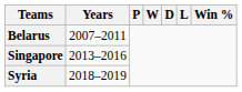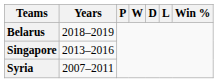 <table class="wikitable sortable plainrowheaders" style="text-align:center;">
 <tr>
 <th scope="col">Teams</th>
 <th scope="col">Years</th>
 <th scope="col">P</th>
 <th scope="col">W</th>
 <th scope="col">D</th>
 <th scope="col">L</th>
 <th scope="col">Win %</th>
 </tr>
 <tr>
 <th scope="row" style="text-align: left;"><strong>Belarus</strong></th>
-<td>2007–2011<br></td>
+<td>2018–2019<br></td>
 </tr>
 <tr>
 <th scope="row" style="text-align: left;"><strong>Singapore</strong></th>
 <td>2013–2016<br></td>
 </tr>
 <tr>
 <th scope="row" style="text-align: left;"><strong>Syria</strong></th>
-<td>2018–2019<br></td>
+<td>2007–2011<br></td>
 </tr>
 </table>
